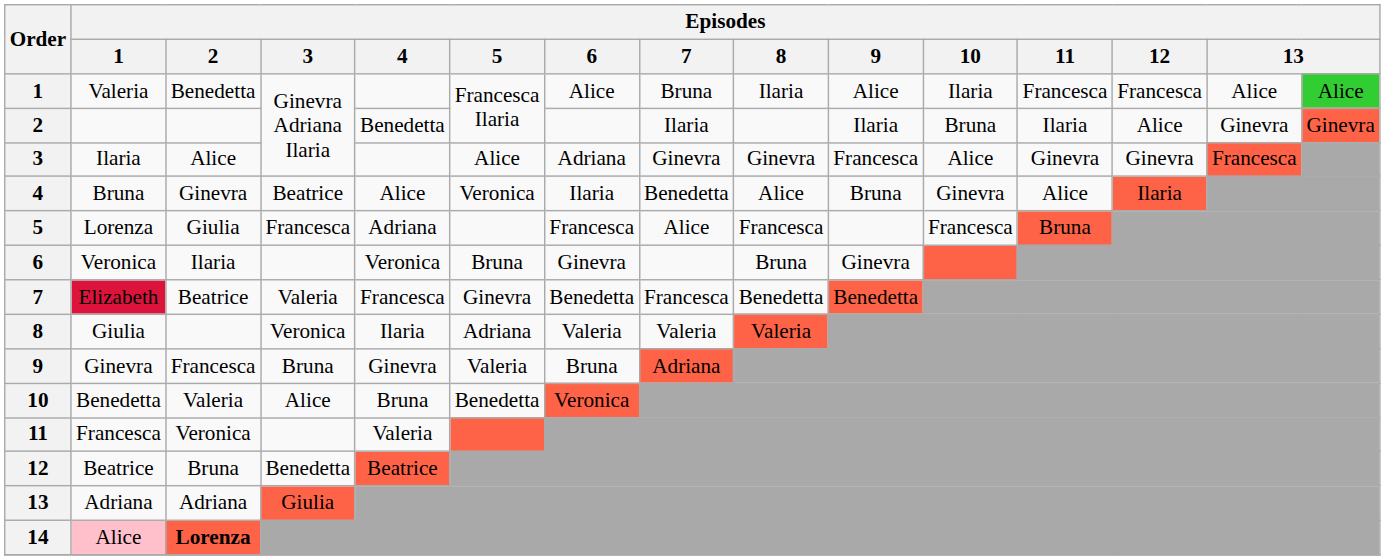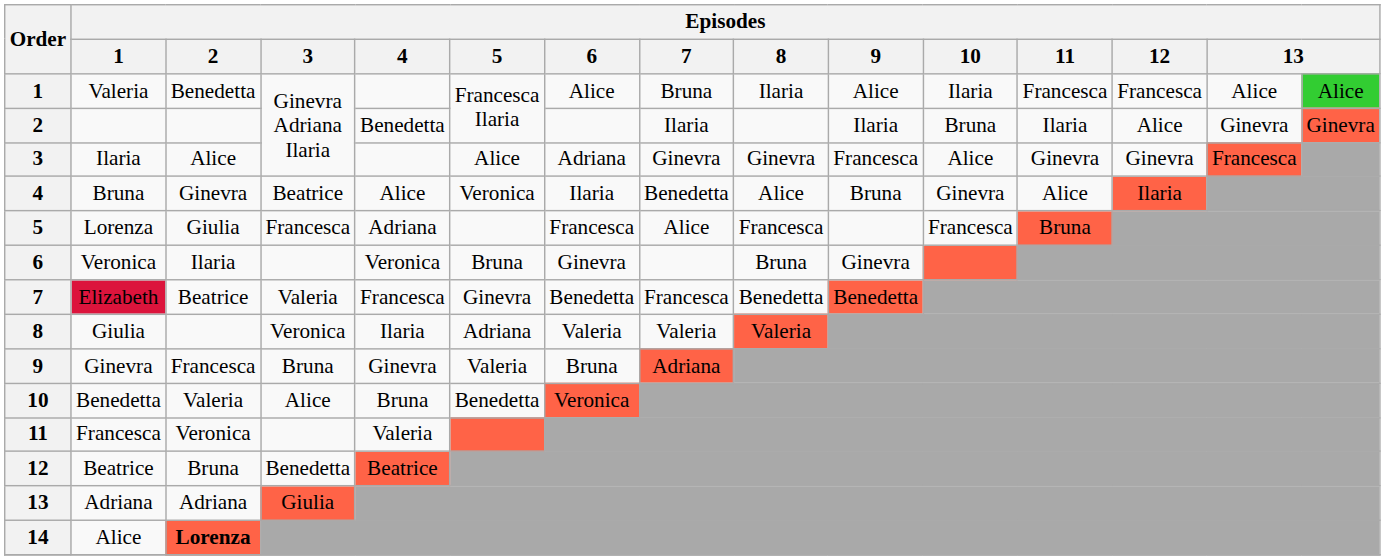 <table class="wikitable" style="text-align:center; font-size:92%">
 <tr>
 <th rowspan=2>Order</th>
 <th colspan=14>Episodes</th>
 </tr>
 <tr>
 <th>1</th>
 <th>2</th>
 <th>3</th>
 <th>4</th>
 <th>5</th>
 <th>6</th>
 <th>7</th>
 <th>8</th>
 <th>9</th>
 <th>10</th>
 <th>11</th>
 <th>12</th>
 <th colspan="2">13</th>
 </tr>
 <tr>
 <th>1</th>
 <td>Valeria</td>
 <td>Benedetta</td>
 <td rowspan="3">Ginevra<br>Adriana<br>Ilaria</td>
 <td></td>
 <td rowspan="2">Francesca<br>Ilaria</td>
 <td>Alice</td>
 <td>Bruna</td>
 <td>Ilaria</td>
 <td>Alice</td>
 <td>Ilaria</td>
 <td>Francesca</td>
 <td>Francesca</td>
 <td>Alice</td>
 <td bgcolor="limegreen">Alice</td>
 </tr>
 <tr>
 <th>2</th>
 <td></td>
 <td></td>
 <td>Benedetta</td>
 <td></td>
 <td>Ilaria</td>
 <td></td>
 <td>Ilaria</td>
 <td>Bruna</td>
 <td>Ilaria</td>
 <td>Alice</td>
 <td>Ginevra</td>
 <td bgcolor="tomato">Ginevra</td>
 </tr>
 <tr>
 <th>3</th>
 <td>Ilaria</td>
 <td>Alice</td>
 <td></td>
 <td>Alice</td>
 <td>Adriana</td>
 <td>Ginevra</td>
 <td>Ginevra</td>
 <td>Francesca</td>
 <td>Alice</td>
 <td>Ginevra</td>
 <td>Ginevra</td>
 <td bgcolor="tomato">Francesca</td>
 <td bgcolor="A9A9A9"></td>
 </tr>
 <tr>
 <th>4</th>
 <td>Bruna</td>
 <td>Ginevra</td>
 <td>Beatrice</td>
 <td>Alice</td>
 <td>Veronica</td>
 <td>Ilaria</td>
 <td>Benedetta</td>
 <td>Alice</td>
 <td>Bruna</td>
 <td>Ginevra</td>
 <td>Alice</td>
 <td bgcolor="tomato">Ilaria</td>
 <td colspan=2 bgcolor="A9A9A9"></td>
 </tr>
 <tr>
 <th>5</th>
 <td>Lorenza</td>
 <td>Giulia</td>
 <td>Francesca</td>
 <td>Adriana</td>
 <td></td>
 <td>Francesca</td>
 <td>Alice</td>
 <td>Francesca</td>
 <td></td>
 <td>Francesca</td>
 <td bgcolor="tomato">Bruna</td>
 <td colspan=3 bgcolor="A9A9A9"></td>
 </tr>
 <tr>
 <th>6</th>
 <td>Veronica</td>
 <td>Ilaria</td>
 <td></td>
 <td>Veronica</td>
 <td>Bruna</td>
 <td>Ginevra</td>
 <td></td>
 <td>Bruna</td>
 <td>Ginevra</td>
 <td bgcolor="tomato" width="50"></td>
 <td colspan=4 bgcolor="A9A9A9"></td>
 </tr>
 <tr>
 <th>7</th>
 <td bgcolor="crimson"><span>Elizabeth</span></td>
 <td>Beatrice</td>
 <td>Valeria</td>
 <td>Francesca</td>
 <td>Ginevra</td>
 <td>Benedetta</td>
 <td>Francesca</td>
 <td>Benedetta</td>
 <td bgcolor="tomato">Benedetta</td>
 <td colspan=5 bgcolor="A9A9A9"></td>
 </tr>
 <tr>
 <th>8</th>
 <td>Giulia</td>
 <td></td>
 <td>Veronica</td>
 <td>Ilaria</td>
 <td>Adriana</td>
 <td>Valeria</td>
 <td>Valeria</td>
 <td bgcolor="tomato">Valeria</td>
 <td colspan=6 bgcolor="A9A9A9"></td>
 </tr>
 <tr>
 <th>9</th>
 <td>Ginevra</td>
 <td>Francesca</td>
 <td>Bruna</td>
 <td>Ginevra</td>
 <td>Valeria</td>
 <td>Bruna</td>
 <td bgcolor="tomato">Adriana</td>
 <td colspan=7 bgcolor="A9A9A9"></td>
 </tr>
 <tr>
 <th>10</th>
 <td>Benedetta</td>
 <td>Valeria</td>
 <td>Alice</td>
 <td>Bruna</td>
 <td>Benedetta</td>
 <td bgcolor="tomato">Veronica</td>
 <td colspan=8 bgcolor="A9A9A9"></td>
 </tr>
 <tr>
 <th>11</th>
 <td>Francesca</td>
 <td>Veronica</td>
 <td></td>
 <td>Valeria</td>
 <td bgcolor="tomato"></td>
 <td colspan=9 bgcolor="A9A9A9"></td>
 </tr>
 <tr>
 <th>12</th>
 <td>Beatrice</td>
 <td>Bruna</td>
 <td>Benedetta</td>
 <td bgcolor="tomato">Beatrice</td>
 <td colspan=10 bgcolor="A9A9A9"></td>
 </tr>
 <tr>
 <th>13</th>
 <td>Adriana</td>
 <td>Adriana</td>
 <td bgcolor="tomato">Giulia</td>
 <td colspan=11 bgcolor="A9A9A9"></td>
 </tr>
 <tr>
 <th>14</th>
-<td style="background: pink;">Alice</td>
+<td>Alice</td>
 <td bgcolor="tomato"><strong>Lorenza</strong></td>
 <td colspan=12 bgcolor="A9A9A9"></td>
 </tr>
 <tr>
 </tr>
 </table>
